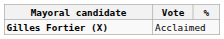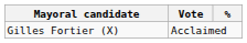 <table class="wikitable">
 <tr>
 <th bgcolor="#DDDDFF" width="200px">Mayoral candidate</th>
 <th bgcolor="#DDDDFF" width="50px">Vote</th>
 <th bgcolor="#DDDDFF"  width="30px">%</th>
 </tr>
 <tr>
-<td><strong>Gilles Fortier (X)</strong></td>
+<td>Gilles Fortier (X)</td>
 <td colspan="2">Acclaimed</td>
 </tr>
 </table>
